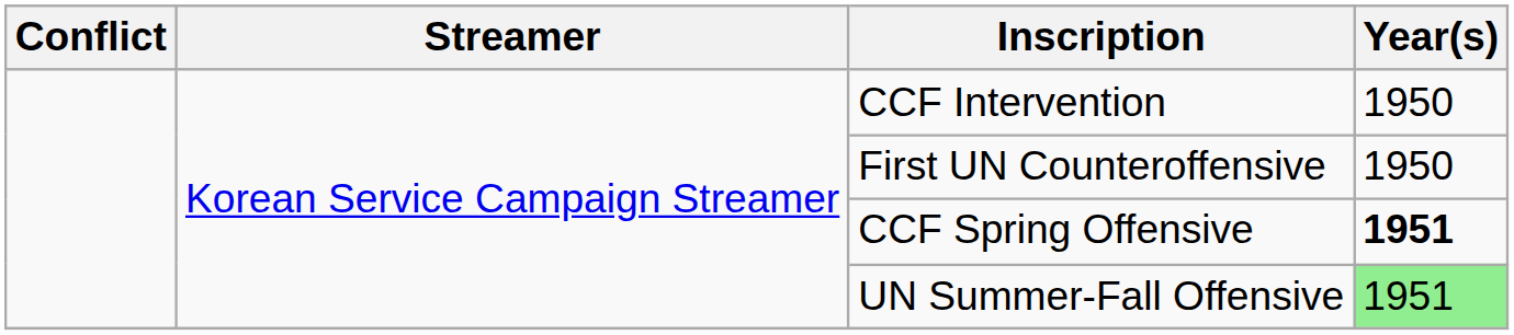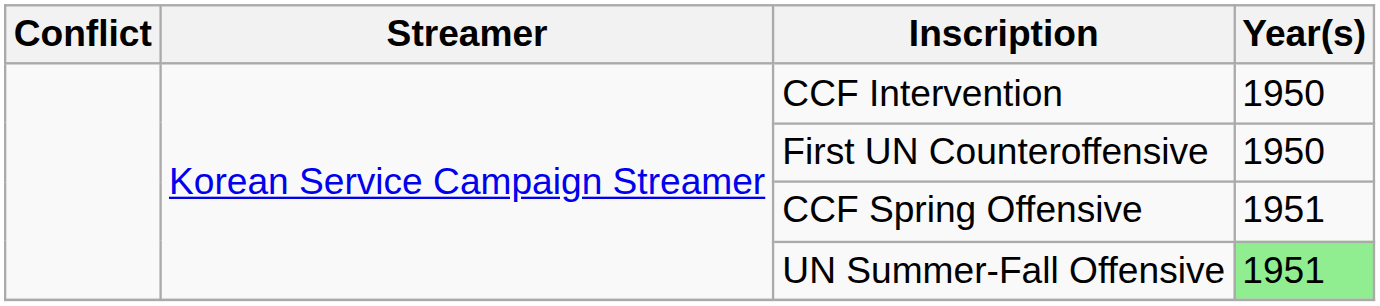 <table class="wikitable" style="float:left;">
 <tr style="background:#efefef;">
 <th>Conflict</th>
 <th>Streamer</th>
 <th>Inscription</th>
 <th>Year(s)</th>
 </tr>
 <tr>
 <td rowspan="4"></td>
 <td rowspan="4"><a href='#'>Korean Service Campaign Streamer</a></td>
 <td>CCF Intervention</td>
 <td>1950</td>
 </tr>
 <tr>
 <td>First UN Counteroffensive</td>
 <td>1950</td>
 </tr>
 <tr>
 <td>CCF Spring Offensive</td>
-<td><strong>1951</strong></td>
+<td>1951</td>
 </tr>
 <tr>
 <td>UN Summer-Fall Offensive</td>
 <td style="background: lightgreen;">1951</td>
 </tr>
 <tr>
 </tr>
 </table>
